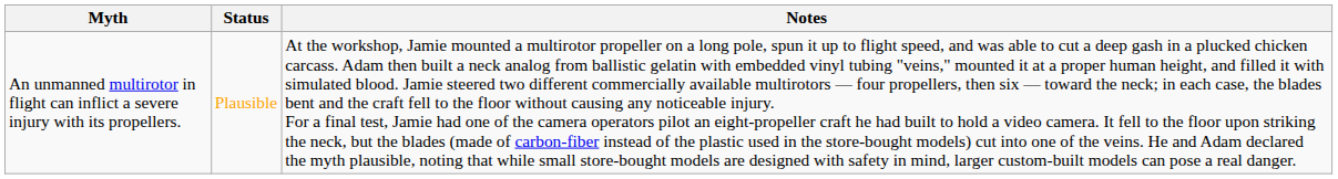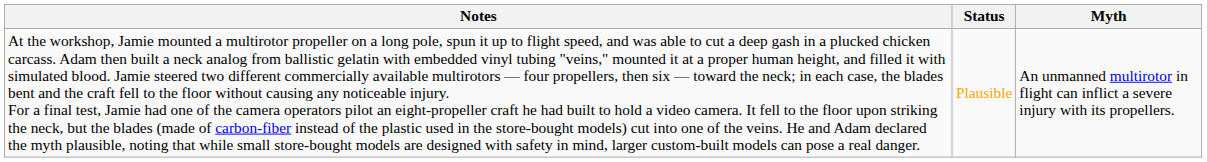 <table class="wikitable plainrowheaders">
 <tr>
+<th scope"col">Notes</th>
+<th scope"col">Status</th>
 <th scope"col">Myth</th>
-<th scope"col">Status</th>
-<th scope"col">Notes</th>
 </tr>
 <tr>
+<td>At the workshop, Jamie mounted a multirotor propeller on a long pole, spun it up to flight speed, and was able to cut a deep gash in a plucked chicken carcass. Adam then built a neck analog from ballistic gelatin with embedded vinyl tubing "veins," mounted it at a proper human height, and filled it with simulated blood. Jamie steered two different commercially available multirotors — four propellers, then six — toward the neck; in each case, the blades bent and the craft fell to the floor without causing any noticeable injury.<br>For a final test, Jamie had one of the camera operators pilot an eight-propeller craft he had built to hold a video camera. It fell to the floor upon striking the neck, but the blades (made of <a href='#'>carbon-fiber</a> instead of the plastic used in the store-bought models) cut into one of the veins. He and Adam declared the myth plausible, noting that while small store-bought models are designed with safety in mind, larger custom-built models can pose a real danger.</td>
+<td style="color:orange">Plausible</td>
 <td scope"row">An unmanned <a href='#'>multirotor</a> in flight can inflict a severe injury with its propellers.</td>
-<td style="color:orange">Plausible</td>
-<td>At the workshop, Jamie mounted a multirotor propeller on a long pole, spun it up to flight speed, and was able to cut a deep gash in a plucked chicken carcass. Adam then built a neck analog from ballistic gelatin with embedded vinyl tubing "veins," mounted it at a proper human height, and filled it with simulated blood. Jamie steered two different commercially available multirotors — four propellers, then six — toward the neck; in each case, the blades bent and the craft fell to the floor without causing any noticeable injury.<br>For a final test, Jamie had one of the camera operators pilot an eight-propeller craft he had built to hold a video camera. It fell to the floor upon striking the neck, but the blades (made of <a href='#'>carbon-fiber</a> instead of the plastic used in the store-bought models) cut into one of the veins. He and Adam declared the myth plausible, noting that while small store-bought models are designed with safety in mind, larger custom-built models can pose a real danger.</td>
 </tr>
 </table>
